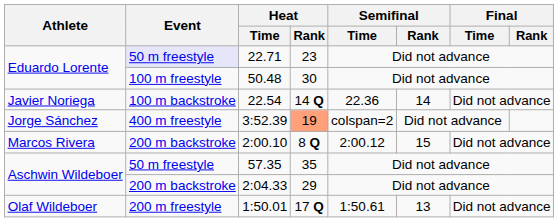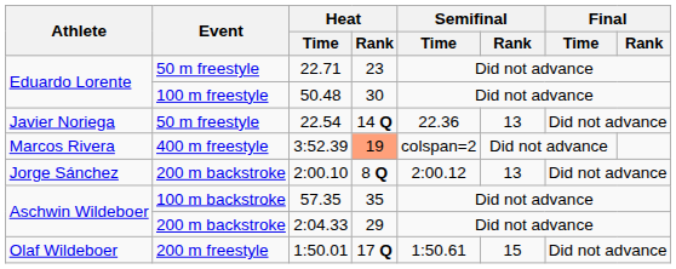 <table class=wikitable style="font-size:90%">
 <tr>
 <th rowspan="2">Athlete</th>
 <th rowspan="2">Event</th>
 <th colspan="2">Heat</th>
 <th colspan="2">Semifinal</th>
 <th colspan="2">Final</th>
 </tr>
 <tr style="font-size:95%">
 <th>Time</th>
 <th>Rank</th>
 <th>Time</th>
 <th>Rank</th>
 <th>Time</th>
 <th>Rank</th>
 </tr>
 <tr align=center>
 <td align=left rowspan=2><a href='#'>Eduardo Lorente</a></td>
-<td align=left style="background: lavender;"><a href='#'>50 m freestyle</a></td>
+<td align=left><a href='#'>50 m freestyle</a></td>
 <td>22.71</td>
 <td>23</td>
 <td colspan=4>Did not advance</td>
 </tr>
 <tr align=center>
 <td align=left><a href='#'>100 m freestyle</a></td>
 <td>50.48</td>
 <td>30</td>
 <td colspan=4>Did not advance</td>
 </tr>
 <tr align=center>
 <td align=left><a href='#'>Javier Noriega</a></td>
-<td align=left><a href='#'>100 m backstroke</a></td>
+<td align=left><a href='#'>50 m freestyle</a></td>
 <td>22.54</td>
 <td>14 <strong>Q</strong></td>
 <td>22.36</td>
-<td>14</td>
+<td>13</td>
 <td colspan=2>Did not advance</td>
 </tr>
 <tr align=center>
-<td align=left><a href='#'>Jorge Sánchez</a></td>
+<td align=left><a href='#'>Marcos Rivera</a></td>
 <td align=left><a href='#'>400 m freestyle</a></td>
 <td>3:52.39</td>
 <td style="background: lightsalmon;">19</td>
 <td>colspan=2 </td>
 <td colspan=2>Did not advance</td>
 </tr>
 <tr align=center>
-<td align=left><a href='#'>Marcos Rivera</a></td>
+<td align=left><a href='#'>Jorge Sánchez</a></td>
 <td align=left><a href='#'>200 m backstroke</a></td>
 <td>2:00.10</td>
 <td>8 <strong>Q</strong></td>
 <td>2:00.12</td>
-<td>15</td>
+<td>13</td>
 <td colspan=2>Did not advance</td>
 </tr>
 <tr align=center>
 <td align=left rowspan=2><a href='#'>Aschwin Wildeboer</a></td>
-<td align=left><a href='#'>50 m freestyle</a></td>
+<td align=left><a href='#'>100 m backstroke</a></td>
 <td>57.35</td>
 <td>35</td>
 <td colspan=4>Did not advance</td>
 </tr>
 <tr align=center>
 <td align=left><a href='#'>200 m backstroke</a></td>
 <td>2:04.33</td>
 <td>29</td>
 <td colspan=4>Did not advance</td>
 </tr>
 <tr align=center>
 <td align=left><a href='#'>Olaf Wildeboer</a></td>
 <td align=left><a href='#'>200 m freestyle</a></td>
 <td>1:50.01</td>
 <td>17 <strong>Q</strong></td>
 <td>1:50.61</td>
-<td>13</td>
+<td>15</td>
 <td colspan=2>Did not advance</td>
 </tr>
 </table>
